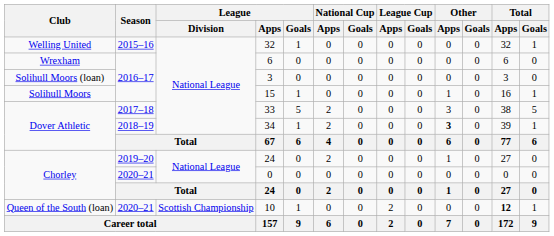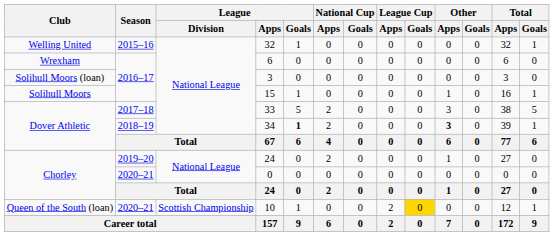 <table class="wikitable" style="text-align: center">
 <tr>
 <th rowspan="2">Club</th>
 <th rowspan="2">Season</th>
 <th colspan="3">League</th>
 <th colspan="2">National Cup</th>
 <th colspan="2">League Cup</th>
 <th colspan="2">Other</th>
 <th colspan="2">Total</th>
 </tr>
 <tr>
 <th>Division</th>
 <th>Apps</th>
 <th>Goals</th>
 <th>Apps</th>
 <th>Goals</th>
 <th>Apps</th>
 <th>Goals</th>
 <th>Apps</th>
 <th>Goals</th>
 <th>Apps</th>
 <th>Goals</th>
 </tr>
 <tr>
 <td><a href='#'>Welling United</a></td>
 <td><a href='#'>2015–16</a></td>
 <td rowspan="6"><a href='#'>National League</a></td>
 <td>32</td>
 <td>1</td>
 <td>0</td>
 <td>0</td>
 <td>0</td>
 <td>0</td>
 <td>0</td>
 <td>0</td>
 <td>32</td>
 <td>1</td>
 </tr>
 <tr>
 <td><a href='#'>Wrexham</a></td>
 <td rowspan="3"><a href='#'>2016–17</a></td>
 <td>6</td>
 <td>0</td>
 <td>0</td>
 <td>0</td>
 <td>0</td>
 <td>0</td>
 <td>0</td>
 <td>0</td>
 <td>6</td>
 <td>0</td>
 </tr>
 <tr>
 <td><a href='#'>Solihull Moors</a> (loan)</td>
 <td>3</td>
 <td>0</td>
 <td>0</td>
 <td>0</td>
 <td>0</td>
 <td>0</td>
 <td>0</td>
 <td>0</td>
 <td>3</td>
 <td>0</td>
 </tr>
 <tr>
 <td><a href='#'>Solihull Moors</a></td>
 <td>15</td>
 <td>1</td>
 <td>0</td>
 <td>0</td>
 <td>0</td>
 <td>0</td>
 <td>1</td>
 <td>0</td>
 <td>16</td>
 <td>1</td>
 </tr>
 <tr>
 <td rowspan="3"><a href='#'>Dover Athletic</a></td>
 <td><a href='#'>2017–18</a></td>
 <td>33</td>
 <td>5</td>
 <td>2</td>
 <td>0</td>
 <td>0</td>
 <td>0</td>
 <td>3</td>
 <td>0</td>
 <td>38</td>
 <td>5</td>
 </tr>
 <tr>
 <td><a href='#'>2018–19</a></td>
 <td>34</td>
-<td>1</td>
+<td><strong>1</strong></td>
 <td>2</td>
 <td>0</td>
 <td>0</td>
 <td>0</td>
 <td><strong>3</strong></td>
 <td>0</td>
 <td>39</td>
 <td>1</td>
 </tr>
 <tr>
 <th colspan="2">Total</th>
 <th>67</th>
 <th>6</th>
 <th>4</th>
 <th>0</th>
 <th>0</th>
 <th>0</th>
 <th>6</th>
 <th>0</th>
 <th>77</th>
 <th>6</th>
 </tr>
 <tr>
 <td rowspan="3"><a href='#'>Chorley</a></td>
 <td><a href='#'>2019–20</a></td>
 <td rowspan="2"><a href='#'>National League</a></td>
 <td>24</td>
 <td>0</td>
 <td>2</td>
 <td>0</td>
 <td>0</td>
 <td>0</td>
 <td>1</td>
 <td>0</td>
 <td>27</td>
 <td>0</td>
 </tr>
 <tr>
 <td><a href='#'>2020–21</a></td>
 <td>0</td>
 <td>0</td>
 <td>0</td>
 <td>0</td>
 <td>0</td>
 <td>0</td>
 <td>0</td>
 <td>0</td>
 <td>0</td>
 <td>0</td>
 </tr>
 <tr>
 <th Colspan="2">Total</th>
 <th>24</th>
 <th>0</th>
 <th>2</th>
 <th>0</th>
 <th>0</th>
 <th>0</th>
 <th>1</th>
 <th>0</th>
 <th>27</th>
 <th>0</th>
 </tr>
 <tr>
 <td><a href='#'>Queen of the South</a> (loan)</td>
 <td><a href='#'>2020–21</a></td>
 <td><a href='#'>Scottish Championship</a></td>
 <td>10</td>
 <td>1</td>
 <td>0</td>
 <td>0</td>
 <td>2</td>
+<td style="background: gold;">0</td>
 <td>0</td>
 <td>0</td>
-<td>0</td>
-<td><strong>12</strong></td>
+<td>12</td>
 <td>1</td>
 </tr>
 <tr>
 <th colspan="3">Career total</th>
 <th>157</th>
 <th>9</th>
 <th>6</th>
 <th>0</th>
 <th>2</th>
 <th>0</th>
 <th>7</th>
 <th>0</th>
 <th>172</th>
 <th>9</th>
 </tr>
 </table>
